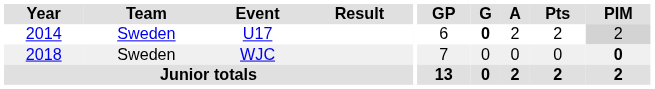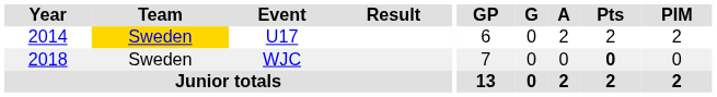 <table border="0" cellpadding="1" cellspacing="0" ID="Table3" style="text-align:center; width:40em">
 <tr ALIGN="center" bgcolor="#e0e0e0">
 <th>Year</th>
 <th>Team</th>
 <th>Event</th>
 <th>Result</th>
 <th rowspan="99" bgcolor="#ffffff"></th>
 <th>GP</th>
 <th>G</th>
 <th>A</th>
 <th>Pts</th>
 <th>PIM</th>
 </tr>
 <tr>
 <td><a href='#'>2014</a></td>
-<td><a href='#'>Sweden</a></td>
+<td style="background: gold;"><a href='#'>Sweden</a></td>
 <td><a href='#'>U17</a></td>
 <td></td>
 <td>6</td>
-<td><strong>0</strong></td>
+<td>0</td>
 <td>2</td>
 <td>2</td>
-<td style="background: lightgrey;">2</td>
+<td>2</td>
 </tr>
 <tr bgcolor="#f0f0f0">
 <td><a href='#'>2018</a></td>
 <td>Sweden</td>
 <td><a href='#'>WJC</a></td>
 <td></td>
 <td>7</td>
 <td>0</td>
 <td>0</td>
+<td><strong>0</strong></td>
 <td>0</td>
-<td><strong>0</strong></td>
 </tr>
 <tr bgcolor="#e0e0e0">
 <th colspan="4">Junior totals</th>
 <th>13</th>
 <th>0</th>
 <th>2</th>
 <th>2</th>
 <th>2</th>
 </tr>
 </table>
